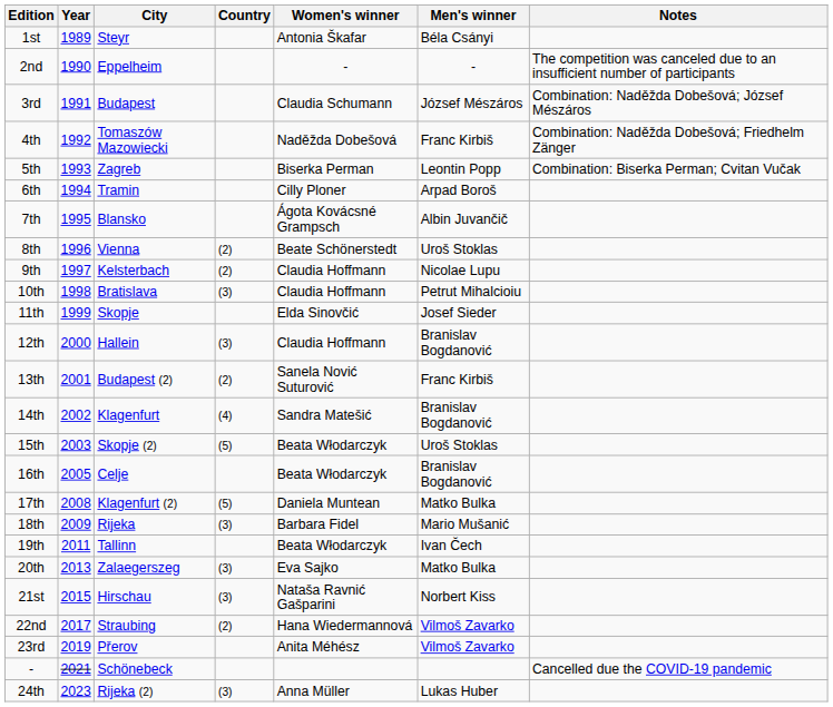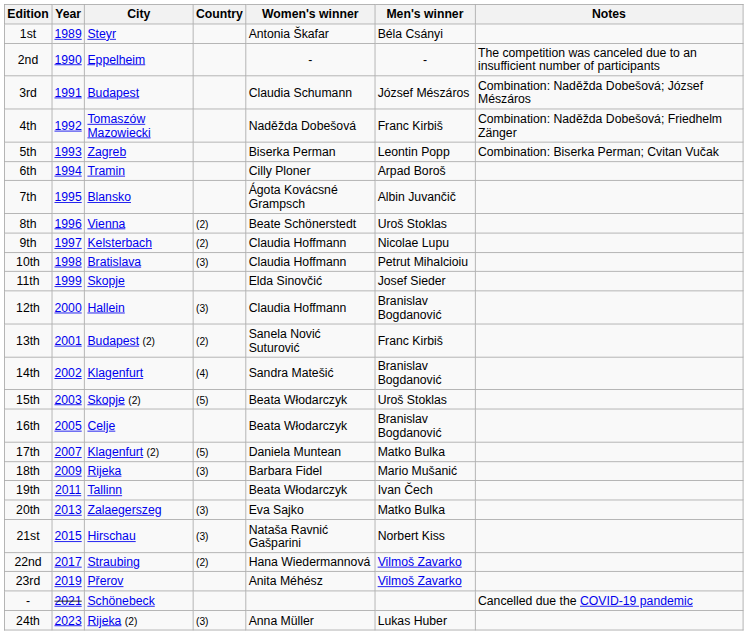 <table class="wikitable sortable" style="text-align:left; font-size:90%;">
 <tr>
 <th>Edition</th>
 <th>Year</th>
 <th>City</th>
 <th>Country</th>
 <th>Women's winner</th>
 <th>Men's winner</th>
 <th>Notes</th>
 </tr>
 <tr>
 <td align=center>1st</td>
 <td align=center><a href='#'>1989</a></td>
 <td><a href='#'>Steyr</a></td>
 <td></td>
 <td> Antonia Škafar</td>
 <td> Béla Csányi</td>
 <td></td>
 </tr>
 <tr>
 <td align=center>2nd</td>
 <td align=center><a href='#'>1990</a></td>
 <td><a href='#'>Eppelheim</a></td>
 <td></td>
 <td align=center>-</td>
 <td align=center>-</td>
 <td>The competition was canceled due to an insufficient number of participants</td>
 </tr>
 <tr>
 <td align=center>3rd</td>
 <td align=center><a href='#'>1991</a></td>
 <td><a href='#'>Budapest</a></td>
 <td></td>
 <td> Claudia Schumann</td>
 <td> József Mészáros</td>
 <td>Combination:  Naděžda Dobešová;  József Mészáros</td>
 </tr>
 <tr>
 <td align=center>4th</td>
 <td align=center><a href='#'>1992</a></td>
 <td><a href='#'>Tomaszów Mazowiecki</a></td>
 <td></td>
 <td> Naděžda Dobešová</td>
 <td> Franc Kirbiš</td>
 <td>Combination:  Naděžda Dobešová;  Friedhelm Zänger</td>
 </tr>
 <tr>
 <td align=center>5th</td>
 <td align=center><a href='#'>1993</a></td>
 <td><a href='#'>Zagreb</a></td>
 <td></td>
 <td> Biserka Perman</td>
 <td> Leontin Popp</td>
 <td>Combination:  Biserka Perman;  Cvitan Vučak</td>
 </tr>
 <tr>
 <td align=center>6th</td>
 <td align=center><a href='#'>1994</a></td>
 <td><a href='#'>Tramin</a></td>
 <td></td>
 <td> Cilly Ploner</td>
 <td> Arpad Boroš</td>
 <td></td>
 </tr>
 <tr>
 <td align=center>7th</td>
 <td align=center><a href='#'>1995</a></td>
 <td><a href='#'>Blansko</a></td>
 <td></td>
 <td> Ágota Kovácsné Grampsch</td>
 <td> Albin Juvančič</td>
 <td></td>
 </tr>
 <tr>
 <td align=center>8th</td>
 <td align=center><a href='#'>1996</a></td>
 <td><a href='#'>Vienna</a></td>
 <td> <small>(2)</small></td>
 <td> Beate Schönerstedt</td>
 <td> Uroš Stoklas</td>
 <td></td>
 </tr>
 <tr>
 <td align=center>9th</td>
 <td align=center><a href='#'>1997</a></td>
 <td><a href='#'>Kelsterbach</a></td>
 <td> <small>(2)</small></td>
 <td> Claudia Hoffmann</td>
 <td> Nicolae Lupu</td>
 <td></td>
 </tr>
 <tr>
 <td align=center>10th</td>
 <td align=center><a href='#'>1998</a></td>
 <td><a href='#'>Bratislava</a></td>
 <td> <small>(3)</small></td>
 <td> Claudia Hoffmann</td>
 <td> Petrut Mihalcioiu</td>
 <td></td>
 </tr>
 <tr>
 <td align=center>11th</td>
 <td align=center><a href='#'>1999</a></td>
 <td><a href='#'>Skopje</a></td>
 <td></td>
 <td> Elda Sinovčić</td>
 <td> Josef Sieder</td>
 <td></td>
 </tr>
 <tr>
 <td align=center>12th</td>
 <td align=center><a href='#'>2000</a></td>
 <td><a href='#'>Hallein</a></td>
 <td> <small>(3)</small></td>
 <td> Claudia Hoffmann</td>
 <td> Branislav Bogdanović</td>
 <td></td>
 </tr>
 <tr>
 <td align=center>13th</td>
 <td align=center><a href='#'>2001</a></td>
 <td><a href='#'>Budapest</a> <small>(2)</small></td>
 <td> <small>(2)</small></td>
 <td> Sanela Nović Suturović</td>
 <td> Franc Kirbiš</td>
 <td></td>
 </tr>
 <tr>
 <td align=center>14th</td>
 <td align=center><a href='#'>2002</a></td>
 <td><a href='#'>Klagenfurt</a></td>
 <td> <small>(4)</small></td>
 <td> Sandra Matešić</td>
 <td> Branislav Bogdanović</td>
 <td></td>
 </tr>
 <tr>
 <td align=center>15th</td>
 <td align=center><a href='#'>2003</a></td>
 <td><a href='#'>Skopje</a> <small>(2)</small></td>
 <td> <small>(5)</small></td>
 <td> Beata Włodarczyk</td>
 <td> Uroš Stoklas</td>
 <td></td>
 </tr>
 <tr>
 <td align=center>16th</td>
 <td align=center><a href='#'>2005</a></td>
 <td><a href='#'>Celje</a></td>
 <td></td>
 <td> Beata Włodarczyk</td>
 <td> Branislav Bogdanović</td>
 <td></td>
 </tr>
 <tr>
 <td align=center>17th</td>
-<td align=center><a href='#'>2008</a></td>
+<td align=center><a href='#'>2007</a></td>
 <td><a href='#'>Klagenfurt</a> <small>(2)</small></td>
 <td> <small>(5)</small></td>
 <td> Daniela Muntean</td>
 <td> Matko Bulka</td>
 <td></td>
 </tr>
 <tr>
 <td align=center>18th</td>
 <td align=center><a href='#'>2009</a></td>
 <td><a href='#'>Rijeka</a></td>
 <td> <small>(3)</small></td>
 <td> Barbara Fidel</td>
 <td> Mario Mušanić</td>
 <td></td>
 </tr>
 <tr>
 <td align=center>19th</td>
 <td align=center><a href='#'>2011</a></td>
 <td><a href='#'>Tallinn</a></td>
 <td></td>
 <td> Beata Włodarczyk</td>
 <td> Ivan Čech</td>
 <td></td>
 </tr>
 <tr>
 <td align=center>20th</td>
 <td align=center><a href='#'>2013</a></td>
 <td><a href='#'>Zalaegerszeg</a></td>
 <td> <small>(3)</small></td>
 <td> Eva Sajko</td>
 <td> Matko Bulka</td>
 <td></td>
 </tr>
 <tr>
 <td align=center>21st</td>
 <td align=center><a href='#'>2015</a></td>
 <td><a href='#'>Hirschau</a></td>
 <td> <small>(3)</small></td>
 <td> Nataša Ravnić Gašparini</td>
 <td> Norbert Kiss</td>
 <td></td>
 </tr>
 <tr>
 <td align=center>22nd</td>
 <td align=center><a href='#'>2017</a></td>
 <td><a href='#'>Straubing</a></td>
 <td> <small>(2)</small></td>
 <td> Hana Wiedermannová</td>
 <td> <a href='#'>Vilmoš Zavarko</a></td>
 <td></td>
 </tr>
 <tr>
 <td align=center>23rd</td>
 <td align=center><a href='#'>2019</a></td>
 <td><a href='#'>Přerov</a></td>
 <td></td>
 <td> Anita Méhész</td>
 <td> <a href='#'>Vilmoš Zavarko</a></td>
 <td></td>
 </tr>
 <tr>
 <td align=center>-</td>
 <td align=center><del><a href='#'>2021</a></del></td>
 <td><a href='#'>Schönebeck</a></td>
 <td></td>
 <td></td>
 <td></td>
 <td>Cancelled due the <a href='#'>COVID-19 pandemic</a></td>
 </tr>
 <tr>
 <td align=center>24th</td>
 <td align=center><a href='#'>2023</a></td>
 <td><a href='#'>Rijeka</a> <small>(2)</small></td>
 <td> <small>(3)</small></td>
 <td> Anna Müller</td>
 <td> Lukas Huber</td>
 <td></td>
 </tr>
 </table>
